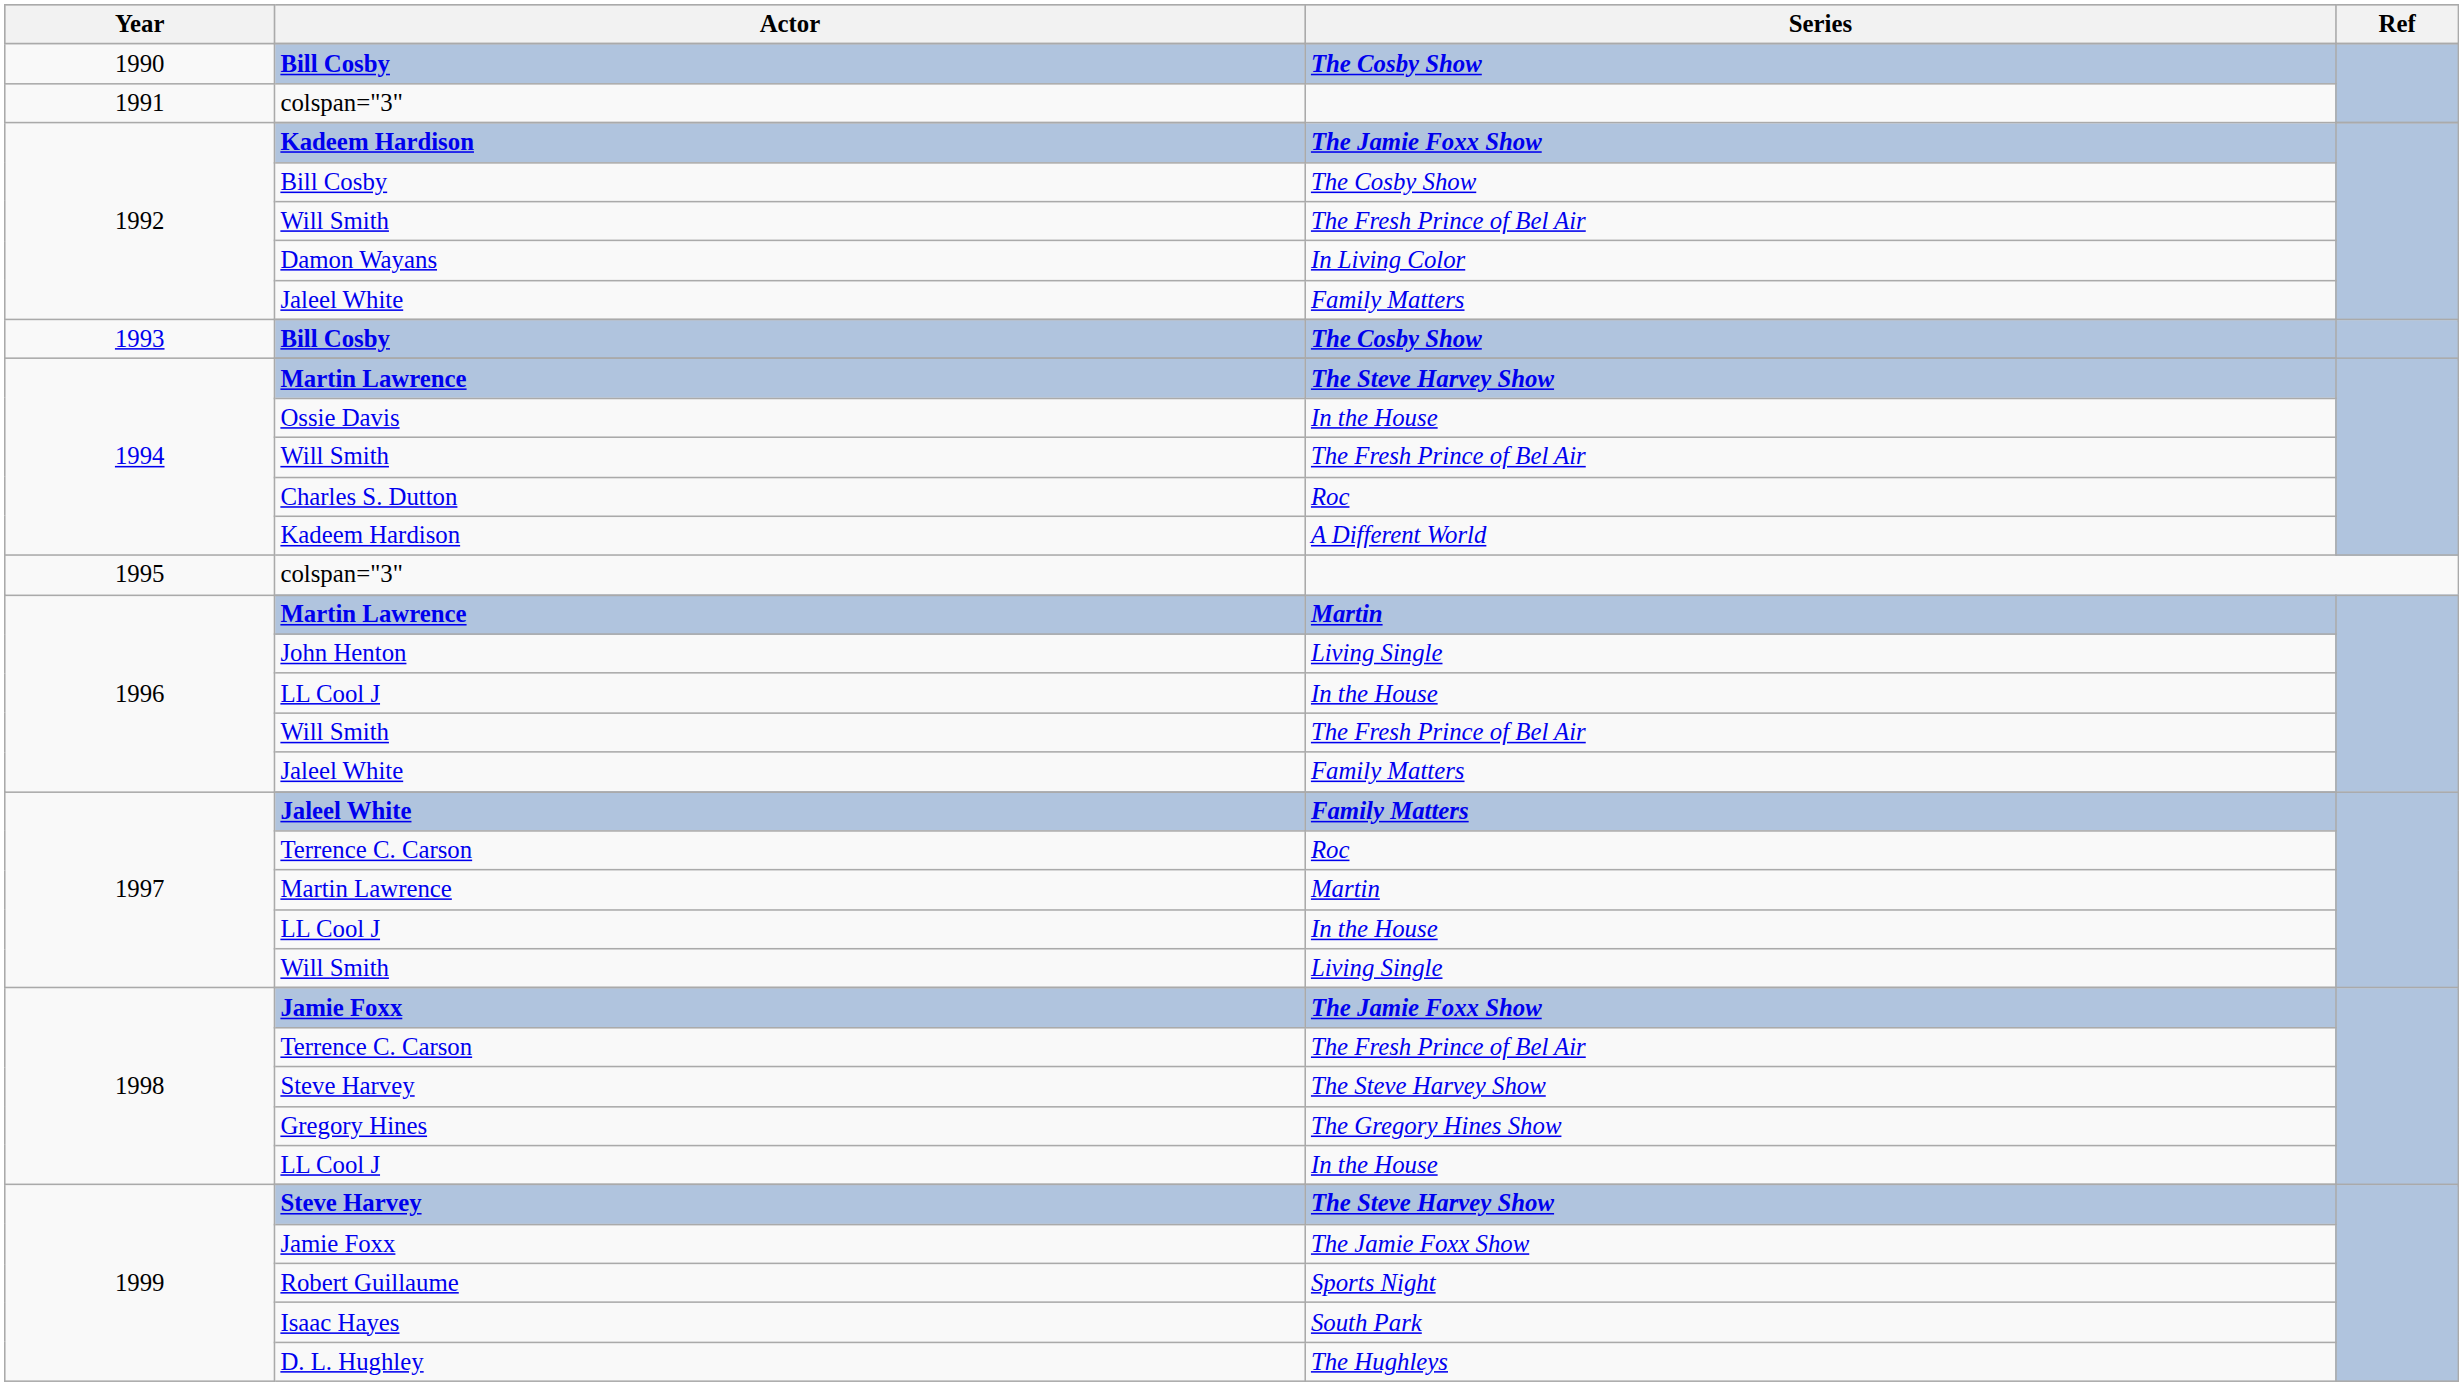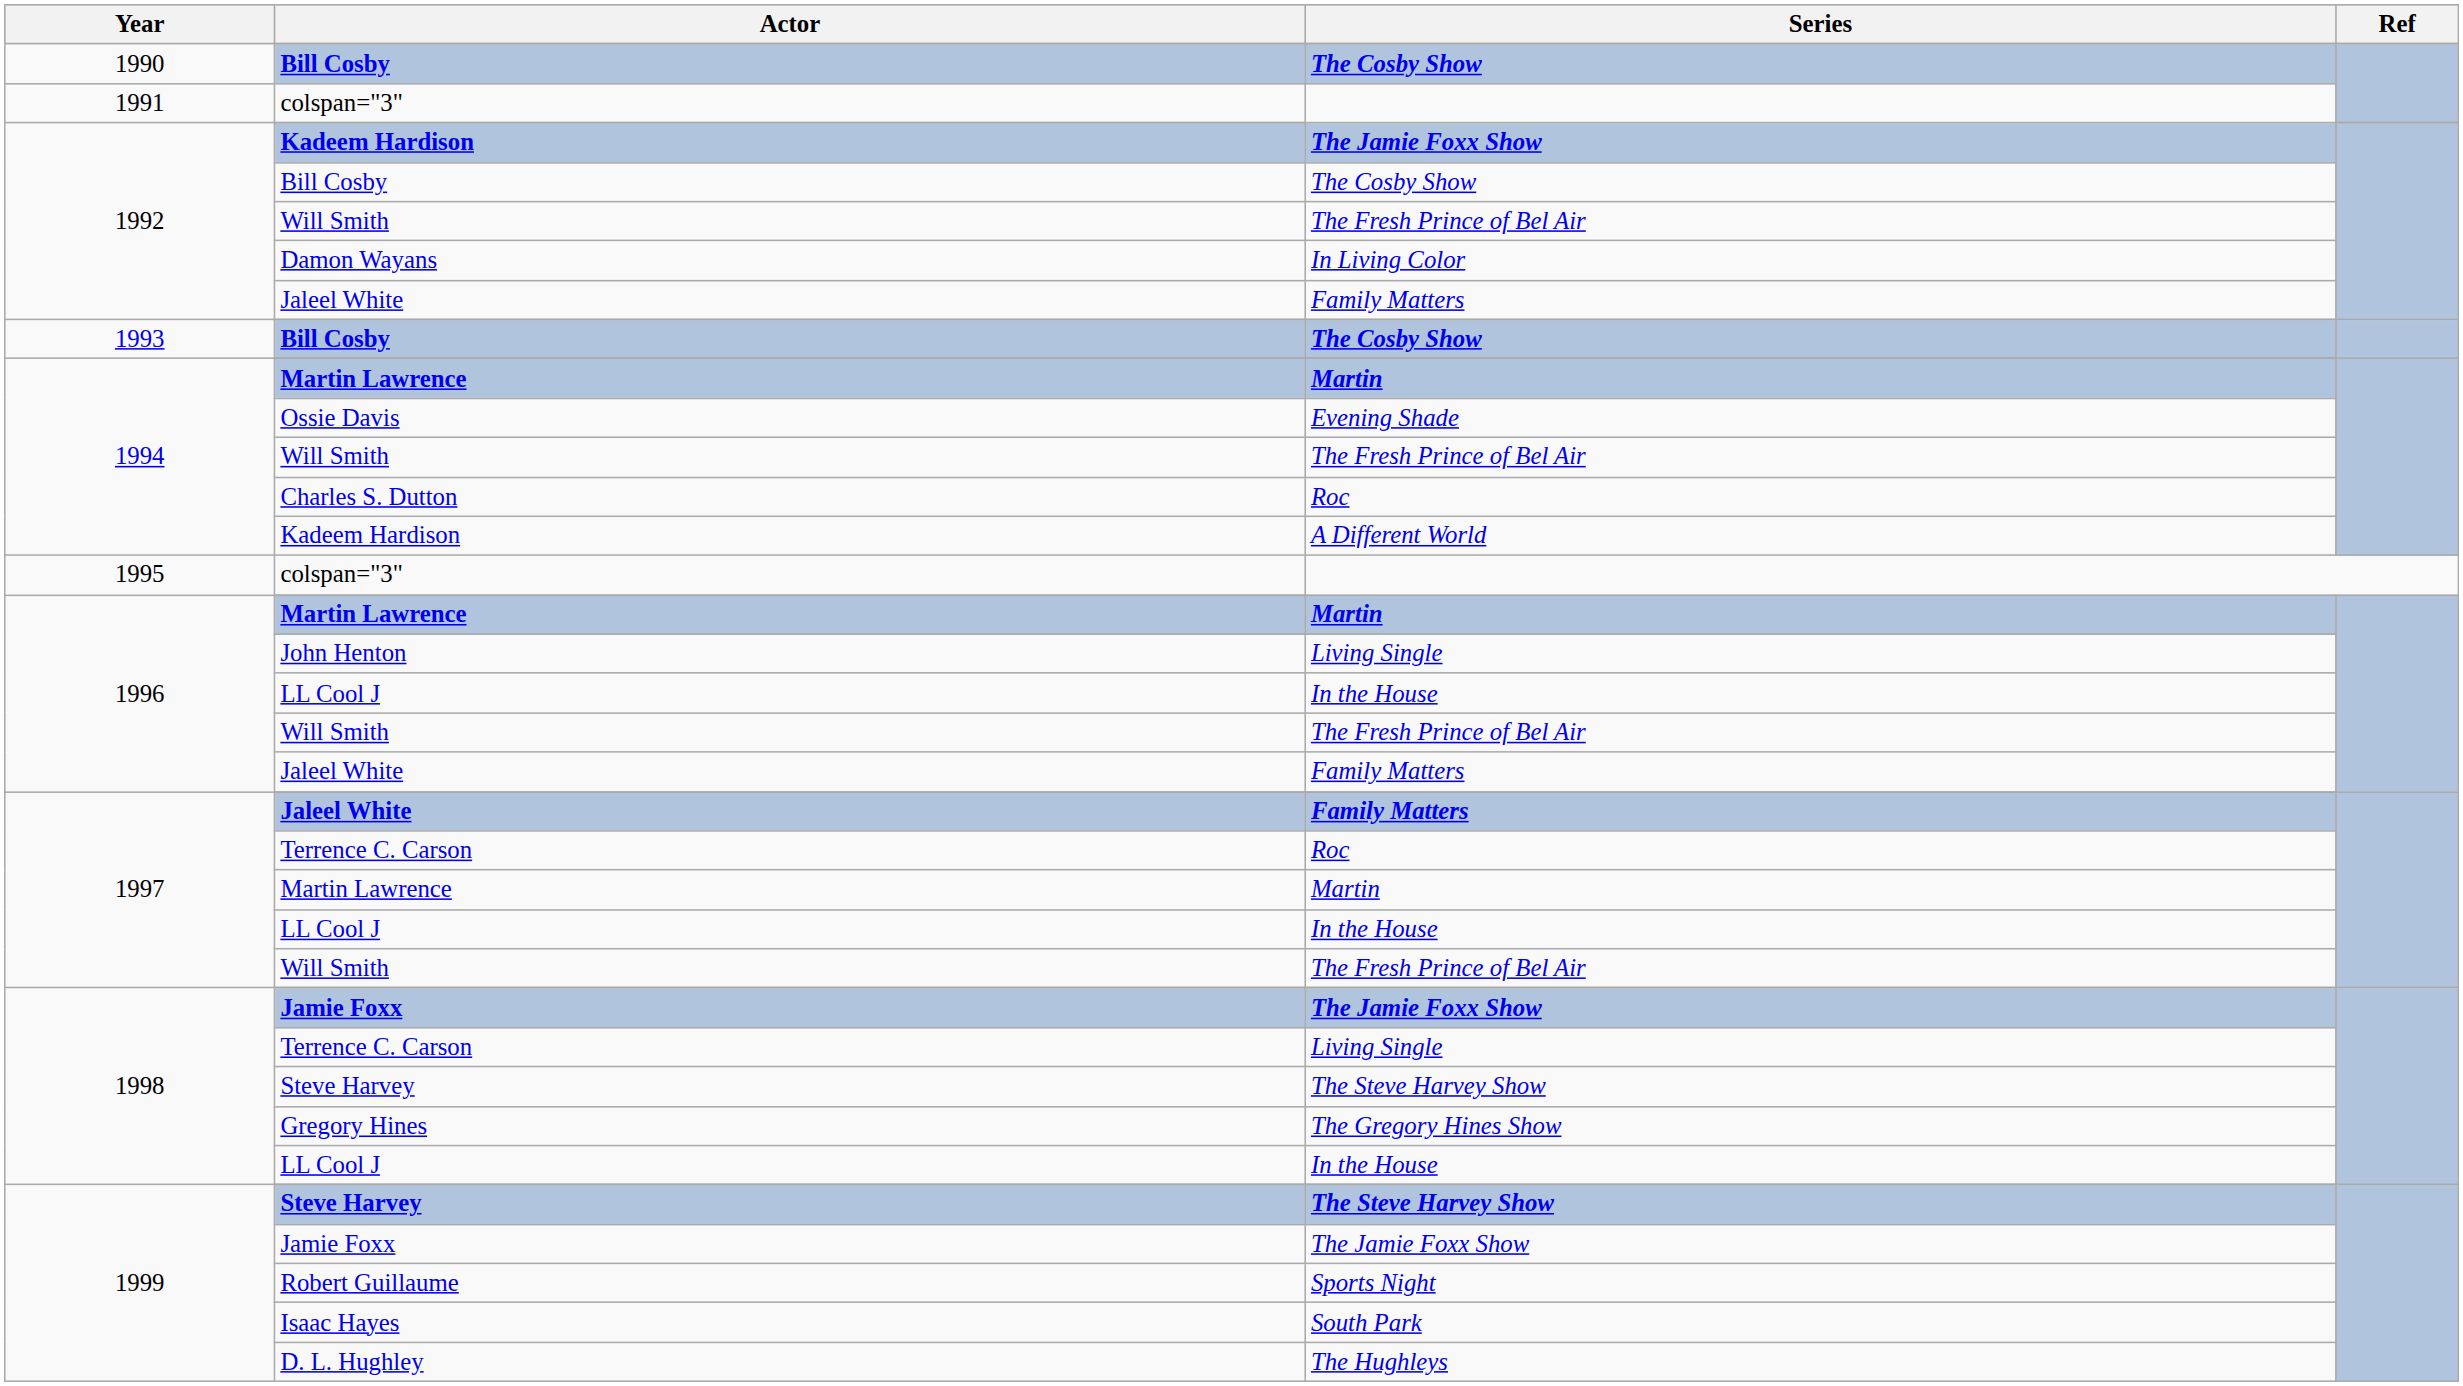 <table class="wikitable" style="width:100%;">
 <tr style="background:#bebebe;">
 <th style="width:11%;">Year</th>
 <th style="width:42%;">Actor</th>
 <th style="width:42%;">Series</th>
 <th style="width:5%;">Ref</th>
 </tr>
 <tr>
 <td rowspan="2" align="center">1990</td>
 </tr>
 <tr style="background:#B0C4DE">
 <td><strong><a href='#'>Bill Cosby</a></strong></td>
 <td><strong><em><a href='#'>The Cosby Show</a></em></strong></td>
 <td rowspan="2" align="center"></td>
 </tr>
 <tr>
 <td align="center">1991</td>
 <td>colspan="3" </td>
 </tr>
 <tr>
 <td rowspan="6" align="center">1992</td>
 </tr>
 <tr style="background:#B0C4DE">
 <td><strong><a href='#'>Kadeem Hardison</a></strong></td>
 <td><strong><em><a href='#'>The Jamie Foxx Show</a></em></strong></td>
 <td rowspan="6" align="center"></td>
 </tr>
 <tr>
 <td><a href='#'>Bill Cosby</a></td>
 <td><em><a href='#'>The Cosby Show</a></em></td>
 </tr>
 <tr>
 <td><a href='#'>Will Smith</a></td>
 <td><em><a href='#'>The Fresh Prince of Bel Air</a></em></td>
 </tr>
 <tr>
 <td><a href='#'>Damon Wayans</a></td>
 <td><em><a href='#'>In Living Color</a></em></td>
 </tr>
 <tr>
 <td><a href='#'>Jaleel White</a></td>
 <td><em><a href='#'>Family Matters</a></em></td>
 </tr>
 <tr>
 <td rowspan="2" align="center"><a href='#'>1993</a></td>
 </tr>
 <tr style="background:#B0C4DE">
 <td><strong><a href='#'>Bill Cosby</a></strong></td>
 <td><strong><em><a href='#'>The Cosby Show</a></em></strong></td>
 <td rowspan="2" align="center"></td>
 </tr>
 <tr>
 <td rowspan="6" align="center"><a href='#'>1994</a></td>
 </tr>
 <tr style="background:#B0C4DE">
 <td><strong><a href='#'>Martin Lawrence</a></strong></td>
-<td><strong><em><a href='#'>The Steve Harvey Show</a></em></strong></td>
+<td><strong><em><a href='#'>Martin</a></em></strong></td>
 <td rowspan="5" align="center"></td>
 </tr>
 <tr>
 <td><a href='#'>Ossie Davis</a></td>
-<td><em><a href='#'>In the House</a></em></td>
+<td><em><a href='#'>Evening Shade</a></em></td>
 </tr>
 <tr>
 <td><a href='#'>Will Smith</a></td>
 <td><em><a href='#'>The Fresh Prince of Bel Air</a></em></td>
 </tr>
 <tr>
 <td><a href='#'>Charles S. Dutton</a></td>
 <td><em><a href='#'>Roc</a></em></td>
 </tr>
 <tr>
 <td><a href='#'>Kadeem Hardison</a></td>
 <td><em><a href='#'>A Different World</a></em></td>
 </tr>
 <tr>
 <td align="center">1995</td>
 <td>colspan="3" </td>
 </tr>
 <tr>
 <td rowspan="6" align="center">1996</td>
 </tr>
 <tr style="background:#B0C4DE">
 <td><strong><a href='#'>Martin Lawrence</a></strong></td>
 <td><strong><em><a href='#'>Martin</a></em></strong></td>
 <td rowspan="6" align="center"></td>
 </tr>
 <tr>
 <td><a href='#'>John Henton</a></td>
 <td><em><a href='#'>Living Single</a></em></td>
 </tr>
 <tr>
 <td><a href='#'>LL Cool J</a></td>
 <td><em><a href='#'>In the House</a></em></td>
 </tr>
 <tr>
 <td><a href='#'>Will Smith</a></td>
 <td><em><a href='#'>The Fresh Prince of Bel Air</a></em></td>
 </tr>
 <tr>
 <td><a href='#'>Jaleel White</a></td>
 <td><em><a href='#'>Family Matters</a></em></td>
 </tr>
 <tr>
 <td rowspan="6" align="center">1997</td>
 </tr>
 <tr style="background:#B0C4DE">
 <td><strong><a href='#'>Jaleel White</a></strong></td>
 <td><strong><em><a href='#'>Family Matters</a></em></strong></td>
 <td rowspan="6" align="center"></td>
 </tr>
 <tr>
 <td><a href='#'>Terrence C. Carson</a></td>
 <td><em><a href='#'>Roc</a></em></td>
 </tr>
 <tr>
 <td><a href='#'>Martin Lawrence</a></td>
 <td><em><a href='#'>Martin</a></em></td>
 </tr>
 <tr>
 <td><a href='#'>LL Cool J</a></td>
 <td><em><a href='#'>In the House</a></em></td>
 </tr>
 <tr>
 <td><a href='#'>Will Smith</a></td>
-<td><em><a href='#'>Living Single</a></em></td>
+<td><em><a href='#'>The Fresh Prince of Bel Air</a></em></td>
 </tr>
 <tr>
 <td rowspan="6" align="center">1998</td>
 </tr>
 <tr style="background:#B0C4DE">
 <td><strong><a href='#'>Jamie Foxx</a></strong></td>
 <td><strong><em><a href='#'>The Jamie Foxx Show</a></em></strong></td>
 <td rowspan="6" align="center"></td>
 </tr>
 <tr>
 <td><a href='#'>Terrence C. Carson</a></td>
-<td><em><a href='#'>The Fresh Prince of Bel Air</a></em></td>
+<td><em><a href='#'>Living Single</a></em></td>
 </tr>
 <tr>
 <td><a href='#'>Steve Harvey</a></td>
 <td><em><a href='#'>The Steve Harvey Show</a></em></td>
 </tr>
 <tr>
 <td><a href='#'>Gregory Hines</a></td>
 <td><em><a href='#'>The Gregory Hines Show</a></em></td>
 </tr>
 <tr>
 <td><a href='#'>LL Cool J</a></td>
 <td><em><a href='#'>In the House</a></em></td>
 </tr>
 <tr>
 <td rowspan="6" align="center">1999</td>
 </tr>
 <tr style="background:#B0C4DE">
 <td><strong><a href='#'>Steve Harvey</a></strong></td>
 <td><strong><em><a href='#'>The Steve Harvey Show</a></em></strong></td>
 <td rowspan="6" align="center"></td>
 </tr>
 <tr>
 <td><a href='#'>Jamie Foxx</a></td>
 <td><em><a href='#'>The Jamie Foxx Show</a></em></td>
 </tr>
 <tr>
 <td><a href='#'>Robert Guillaume</a></td>
 <td><em><a href='#'>Sports Night</a></em></td>
 </tr>
 <tr>
 <td><a href='#'>Isaac Hayes</a></td>
 <td><em><a href='#'>South Park</a></em></td>
 </tr>
 <tr>
 <td><a href='#'>D. L. Hughley</a></td>
 <td><em><a href='#'>The Hughleys</a></em></td>
 </tr>
 </table>
